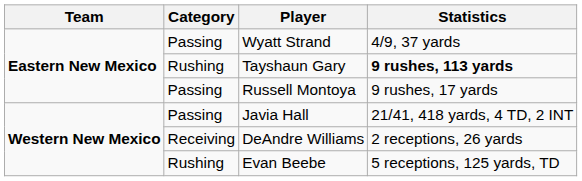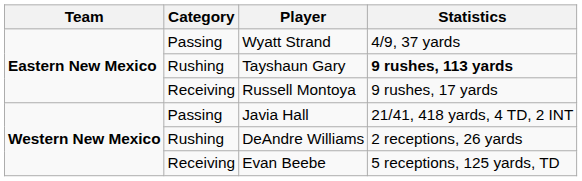 <table class="wikitable" style="float: left;">
 <tr>
 <th>Team</th>
 <th>Category</th>
 <th>Player</th>
 <th>Statistics</th>
 </tr>
 <tr>
 <td rowspan=3><strong>Eastern New Mexico</strong></td>
 <td>Passing</td>
 <td>Wyatt Strand</td>
 <td>4/9, 37 yards</td>
 </tr>
 <tr>
 <td>Rushing</td>
 <td>Tayshaun Gary</td>
 <td><strong>9 rushes, 113 yards</strong></td>
 </tr>
 <tr>
-<td>Passing</td>
+<td>Receiving</td>
 <td>Russell Montoya</td>
 <td>9 rushes, 17 yards</td>
 </tr>
 <tr>
 <td rowspan=3><strong>Western New Mexico</strong></td>
 <td>Passing</td>
 <td>Javia Hall</td>
 <td>21/41, 418 yards, 4 TD, 2 INT</td>
 </tr>
 <tr>
-<td>Receiving</td>
+<td>Rushing</td>
 <td>DeAndre Williams</td>
 <td>2 receptions, 26 yards</td>
 </tr>
 <tr>
-<td>Rushing</td>
+<td>Receiving</td>
 <td>Evan Beebe</td>
 <td>5 receptions, 125 yards, TD</td>
 </tr>
 </table>
